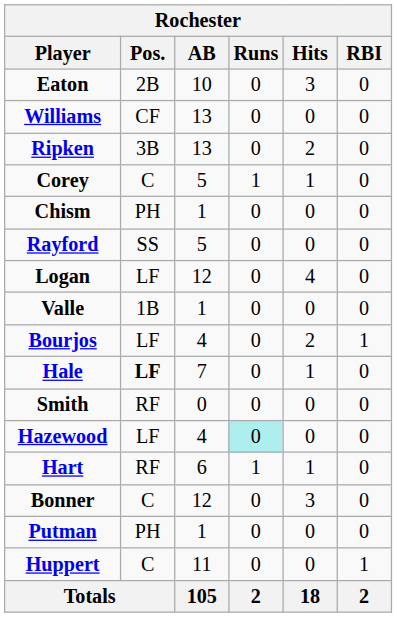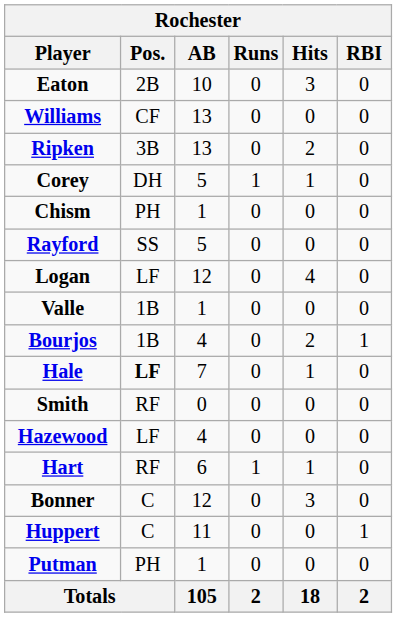 <table class="wikitable" style="float:left;">
 <tr style="text-align:center;">
 <th colspan=6>Rochester</th>
 </tr>
 <tr>
 <th width=30%>Player</th>
 <th width=14%>Pos.</th>
 <th width=14%>AB</th>
 <th width=14%>Runs</th>
 <th width=14%>Hits</th>
 <th width=14%>RBI</th>
 </tr>
 <tr style="text-align:center;">
 <td><strong>Eaton</strong></td>
 <td>2B</td>
 <td>10</td>
 <td>0</td>
 <td>3</td>
 <td>0</td>
 </tr>
 <tr style="text-align:center;">
 <td><strong><a href='#'>Williams</a></strong></td>
 <td>CF</td>
 <td>13</td>
 <td>0</td>
 <td>0</td>
 <td>0</td>
 </tr>
 <tr style="text-align:center;">
 <td><strong><a href='#'>Ripken</a></strong></td>
 <td>3B</td>
 <td>13</td>
 <td>0</td>
 <td>2</td>
 <td>0</td>
 </tr>
 <tr style="text-align:center;">
 <td><strong>Corey</strong></td>
-<td>C</td>
+<td>DH</td>
 <td>5</td>
 <td>1</td>
 <td>1</td>
 <td>0</td>
 </tr>
 <tr style="text-align:center;">
 <td><strong>Chism</strong></td>
 <td>PH</td>
 <td>1</td>
 <td>0</td>
 <td>0</td>
 <td>0</td>
 </tr>
 <tr style="text-align:center;">
 <td><strong><a href='#'>Rayford</a></strong></td>
 <td>SS</td>
 <td>5</td>
 <td>0</td>
 <td>0</td>
 <td>0</td>
 </tr>
 <tr style="text-align:center;">
 <td><strong>Logan</strong></td>
 <td>LF</td>
 <td>12</td>
 <td>0</td>
 <td>4</td>
 <td>0</td>
 </tr>
 <tr style="text-align:center;">
 <td><strong>Valle</strong></td>
 <td>1B</td>
 <td>1</td>
 <td>0</td>
 <td>0</td>
 <td>0</td>
 </tr>
 <tr style="text-align:center;">
 <td><strong><a href='#'>Bourjos</a></strong></td>
-<td>LF</td>
+<td>1B</td>
 <td>4</td>
 <td>0</td>
 <td>2</td>
 <td>1</td>
 </tr>
 <tr style="text-align:center;">
 <td><strong><a href='#'>Hale</a></strong></td>
 <td><strong>LF</strong></td>
 <td>7</td>
 <td>0</td>
 <td>1</td>
 <td>0</td>
 </tr>
 <tr style="text-align:center;">
 <td><strong>Smith</strong></td>
 <td>RF</td>
 <td>0</td>
 <td>0</td>
 <td>0</td>
 <td>0</td>
 </tr>
 <tr style="text-align:center;">
 <td><strong><a href='#'>Hazewood</a></strong></td>
 <td>LF</td>
 <td>4</td>
-<td style="background: paleturquoise;">0</td>
+<td>0</td>
 <td>0</td>
 <td>0</td>
 </tr>
 <tr style="text-align:center;">
 <td><strong><a href='#'>Hart</a></strong></td>
 <td>RF</td>
 <td>6</td>
 <td>1</td>
 <td>1</td>
 <td>0</td>
 </tr>
 <tr style="text-align:center;">
 <td><strong>Bonner</strong></td>
 <td>C</td>
 <td>12</td>
 <td>0</td>
 <td>3</td>
 <td>0</td>
 </tr>
 <tr style="text-align:center;">
+<td><strong><a href='#'>Huppert</a></strong></td>
+<td>C</td>
+<td>11</td>
+<td>0</td>
+<td>0</td>
+<td>1</td>
+</tr>
+<tr style="text-align:center;">
 <td><strong><a href='#'>Putman</a></strong></td>
 <td>PH</td>
 <td>1</td>
 <td>0</td>
 <td>0</td>
 <td>0</td>
-</tr>
-<tr style="text-align:center;">
-<td><strong><a href='#'>Huppert</a></strong></td>
-<td>C</td>
-<td>11</td>
-<td>0</td>
-<td>0</td>
-<td>1</td>
 </tr>
 <tr style="text-align:center;">
 <th align=center colspan=2>Totals</th>
 <th>105</th>
 <th>2</th>
 <th>18</th>
 <th>2</th>
 </tr>
 </table>
